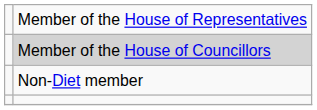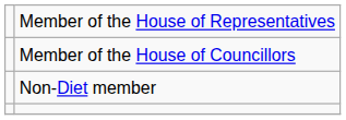 <table class=wikitable>
 <tr>
 <td></td>
 <td><small>Member of the <a href='#'>House of Representatives</a></small></td>
 </tr>
 <tr>
 <td></td>
-<td style="background: lightgrey;"><small>Member of the <a href='#'>House of Councillors</a></small></td>
+<td><small>Member of the <a href='#'>House of Councillors</a></small></td>
 </tr>
 <tr>
 <td></td>
 <td><small>Non-<a href='#'>Diet</a> member</small></td>
 </tr>
 <tr>
 <td></td>
 <td></td>
 </tr>
 <tr>
 </tr>
 </table>
